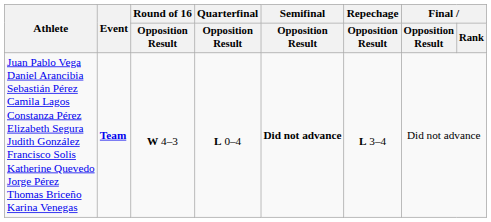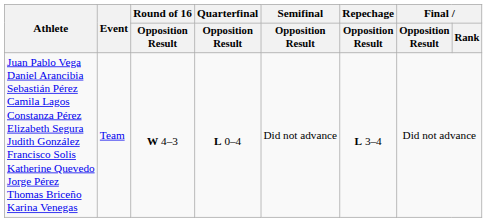 <table class=wikitable style=font-size:90%>
 <tr>
 <th rowspan=2>Athlete</th>
 <th rowspan=2>Event</th>
 <th>Round of 16</th>
 <th>Quarterfinal</th>
 <th>Semifinal</th>
 <th>Repechage</th>
 <th colspan=2>Final / </th>
 </tr>
 <tr style=font-size:95%>
 <th>Opposition<br>Result</th>
 <th>Opposition<br>Result</th>
 <th>Opposition<br>Result</th>
 <th>Opposition<br>Result</th>
 <th>Opposition<br>Result</th>
 <th>Rank</th>
 </tr>
 <tr style="text-align:center">
 <td style="text-align:left"><a href='#'>Juan Pablo Vega</a><br><a href='#'>Daniel Arancibia</a><br><a href='#'>Sebastián Pérez</a><br><a href='#'>Camila Lagos</a><br><a href='#'>Constanza Pérez</a><br><a href='#'>Elizabeth Segura</a><br><a href='#'>Judith González</a><br><a href='#'>Francisco Solis</a><br><a href='#'>Katherine Quevedo</a><br><a href='#'>Jorge Pérez</a><br><a href='#'>Thomas Briceño</a><br><a href='#'>Karina Venegas</a></td>
-<td style="text-align:left"><strong><a href='#'>Team</a></strong></td>
+<td style="text-align:left"><a href='#'>Team</a></td>
 <td><br><strong>W</strong> 4–3</td>
 <td><br><strong>L</strong> 0–4</td>
-<td><strong>Did not advance</strong></td>
+<td>Did not advance</td>
 <td><br><strong>L</strong> 3–4</td>
 <td colspan="2">Did not advance</td>
 </tr>
 </table>
